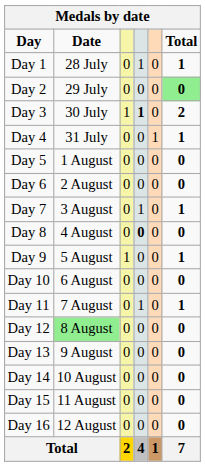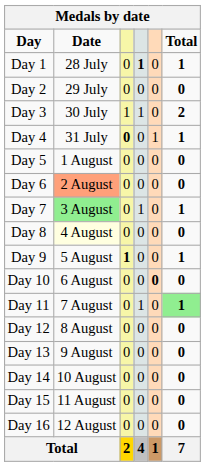 <table class="wikitable" style="font-size:85%; float:right">
 <tr style="background:#efefef;">
 <th colspan=6>Medals by date</th>
 </tr>
 <tr align=center>
 <td><strong>Day</strong></td>
 <td><strong>Date</strong></td>
 <td bgcolor=#F7F6A8></td>
 <td bgcolor=#DCE5E5></td>
 <td bgcolor=#FFDAB9></td>
 <td><strong>Total</strong></td>
 </tr>
 <tr align=center>
 <td>Day 1</td>
 <td>28 July</td>
 <td style="background:#F7F6A8;">0</td>
-<td style="background:#DCE5E5;">1</td>
+<td style="background:#DCE5E5;"><strong>1</strong></td>
 <td style="background:#FFDAB9;">0</td>
 <td><strong>1</strong></td>
 </tr>
 <tr align=center>
 <td>Day 2</td>
 <td>29 July</td>
 <td style="background:#F7F6A8;">0</td>
 <td style="background:#DCE5E5;">0</td>
 <td style="background:#FFDAB9;">0</td>
-<td style="background: lightgreen;"><strong>0</strong></td>
+<td><strong>0</strong></td>
 </tr>
 <tr align=center>
 <td>Day 3</td>
 <td>30 July</td>
 <td style="background:#F7F6A8;">1</td>
-<td style="background:#DCE5E5;"><strong>1</strong></td>
+<td style="background:#DCE5E5;">1</td>
 <td style="background:#FFDAB9;">0</td>
 <td><strong>2</strong></td>
 </tr>
 <tr align=center>
 <td>Day 4</td>
 <td>31 July</td>
-<td style="background:#F7F6A8;">0</td>
+<td style="background:#F7F6A8;"><strong>0</strong></td>
 <td style="background:#DCE5E5;">0</td>
 <td style="background:#FFDAB9;">1</td>
 <td><strong>1</strong></td>
 </tr>
 <tr style="text-align:center;">
 <td>Day 5</td>
 <td>1 August</td>
 <td style="background:#F7F6A8;">0</td>
 <td style="background:#DCE5E5;">0</td>
 <td style="background:#FFDAB9;">0</td>
 <td><strong>0</strong></td>
 </tr>
 <tr align=center>
 <td>Day 6</td>
-<td>2 August</td>
+<td style="background: lightsalmon;">2 August</td>
 <td style="background:#F7F6A8;">0</td>
 <td style="background:#DCE5E5;">0</td>
 <td style="background:#FFDAB9;">0</td>
 <td><strong>0</strong></td>
 </tr>
 <tr align=center>
 <td>Day 7</td>
-<td>3 August</td>
+<td style="background: lightgreen;">3 August</td>
 <td style="background:#F7F6A8;">0</td>
 <td style="background:#DCE5E5;">1</td>
 <td style="background:#FFDAB9;">0</td>
 <td><strong>1</strong></td>
 </tr>
 <tr align=center>
 <td>Day 8</td>
-<td>4 August</td>
+<td style="background: lightyellow;">4 August</td>
 <td style="background:#F7F6A8;">0</td>
-<td style="background:#DCE5E5;"><strong>0</strong></td>
+<td style="background:#DCE5E5;">0</td>
 <td style="background:#FFDAB9;">0</td>
 <td><strong>0</strong></td>
 </tr>
 <tr align=center>
 <td>Day 9</td>
 <td>5 August</td>
-<td style="background:#F7F6A8;">1</td>
+<td style="background:#F7F6A8;"><strong>1</strong></td>
 <td style="background:#DCE5E5;">0</td>
 <td style="background:#FFDAB9;">0</td>
 <td><strong>1</strong></td>
 </tr>
 <tr align=center>
 <td>Day 10</td>
 <td>6 August</td>
 <td style="background:#F7F6A8;">0</td>
 <td style="background:#DCE5E5;">0</td>
-<td style="background:#FFDAB9;">0</td>
+<td style="background:#FFDAB9;"><strong>0</strong></td>
 <td><strong>0</strong></td>
 </tr>
 <tr align=center>
 <td>Day 11</td>
 <td>7 August</td>
 <td style="background:#F7F6A8;">0</td>
 <td style="background:#DCE5E5;">1</td>
 <td style="background:#FFDAB9;">0</td>
-<td><strong>1</strong></td>
+<td style="background: lightgreen;"><strong>1</strong></td>
 </tr>
 <tr align=center>
 <td>Day 12</td>
-<td style="background: lightgreen;">8 August</td>
+<td>8 August</td>
 <td style="background:#F7F6A8;">0</td>
 <td style="background:#DCE5E5;">0</td>
 <td style="background:#FFDAB9;">0</td>
 <td><strong>0</strong></td>
 </tr>
 <tr align=center>
 <td>Day 13</td>
 <td>9 August</td>
 <td style="background:#F7F6A8;">0</td>
 <td style="background:#DCE5E5;">0</td>
 <td style="background:#FFDAB9;">0</td>
 <td><strong>0</strong></td>
 </tr>
 <tr align=center>
 <td>Day 14</td>
 <td>10 August</td>
 <td style="background:#F7F6A8;">0</td>
 <td style="background:#DCE5E5;">0</td>
 <td style="background:#FFDAB9;">0</td>
 <td><strong>0</strong></td>
 </tr>
 <tr align=center>
 <td>Day 15</td>
 <td>11 August</td>
 <td style="background:#F7F6A8;">0</td>
 <td style="background:#DCE5E5;">0</td>
 <td style="background:#FFDAB9;">0</td>
 <td><strong>0</strong></td>
 </tr>
 <tr align=center>
 <td>Day 16</td>
 <td>12 August</td>
 <td style="background:#F7F6A8;">0</td>
 <td style="background:#DCE5E5;">0</td>
 <td style="background:#FFDAB9;">0</td>
 <td><strong>0</strong></td>
 </tr>
 <tr>
 <th colspan="2">Total</th>
 <th style="background:gold;">2</th>
 <th style="background:silver;">4</th>
 <th style="background:#c96;">1</th>
 <th>7</th>
 </tr>
 </table>
